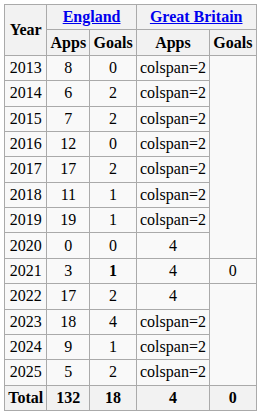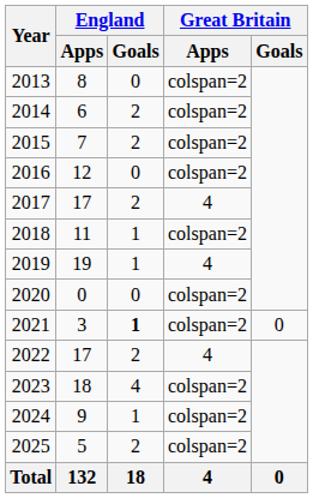 <table class="wikitable" style="text-align:center">
 <tr>
 <th rowspan=2>Year</th>
 <th colspan=2><a href='#'>England</a></th>
 <th colspan=2><a href='#'>Great Britain</a></th>
 </tr>
 <tr>
 <th>Apps</th>
 <th>Goals</th>
 <th>Apps</th>
 <th>Goals</th>
 </tr>
 <tr>
 <td>2013</td>
 <td>8</td>
 <td>0</td>
 <td>colspan=2</td>
 </tr>
 <tr>
 <td>2014</td>
 <td>6</td>
 <td>2</td>
 <td>colspan=2</td>
 </tr>
 <tr>
 <td>2015</td>
 <td>7</td>
 <td>2</td>
 <td>colspan=2</td>
 </tr>
 <tr>
 <td>2016</td>
 <td>12</td>
 <td>0</td>
 <td>colspan=2</td>
 </tr>
 <tr>
 <td>2017</td>
 <td>17</td>
 <td>2</td>
-<td>colspan=2</td>
+<td>4</td>
 </tr>
 <tr>
 <td>2018</td>
 <td>11</td>
 <td>1</td>
 <td>colspan=2</td>
 </tr>
 <tr>
 <td>2019</td>
 <td>19</td>
 <td>1</td>
-<td>colspan=2</td>
+<td>4</td>
 </tr>
 <tr>
 <td>2020</td>
 <td>0</td>
 <td>0</td>
-<td>4</td>
+<td>colspan=2</td>
 </tr>
 <tr>
 <td>2021</td>
 <td>3</td>
 <td><strong>1</strong></td>
-<td>4</td>
+<td>colspan=2</td>
 <td>0</td>
 </tr>
 <tr>
 <td>2022</td>
 <td>17</td>
 <td>2</td>
 <td>4</td>
 </tr>
 <tr>
 <td>2023</td>
 <td>18</td>
 <td>4</td>
 <td>colspan=2</td>
 </tr>
 <tr>
 <td>2024</td>
 <td>9</td>
 <td>1</td>
 <td>colspan=2</td>
 </tr>
 <tr>
 <td>2025</td>
 <td>5</td>
 <td>2</td>
 <td>colspan=2</td>
 </tr>
 <tr>
 <th>Total</th>
 <th>132</th>
 <th>18</th>
 <th>4</th>
 <th>0</th>
 </tr>
 </table>
